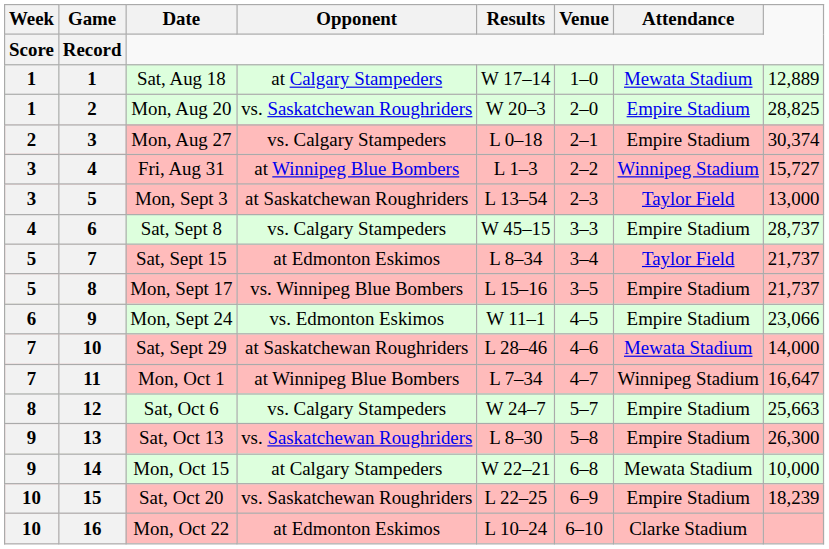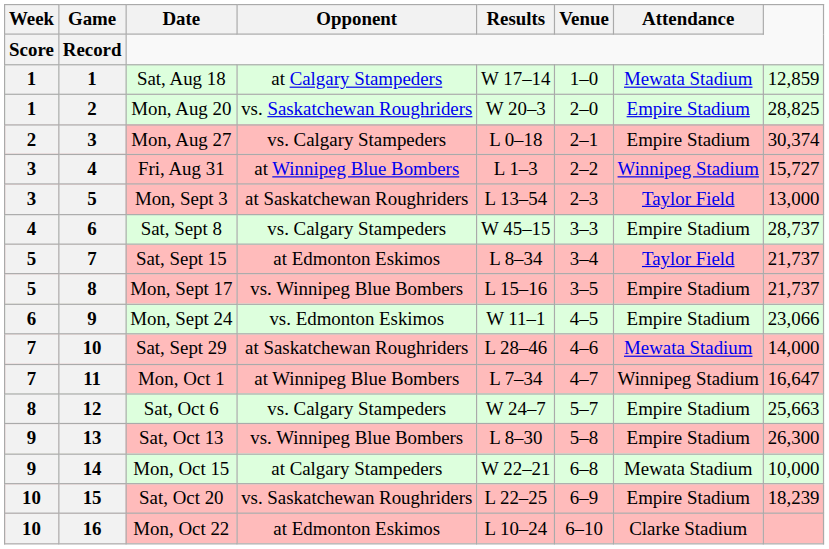 <table class="wikitable" style="text-align:center">
 <tr>
 <th>Week</th>
 <th>Game</th>
 <th>Date</th>
 <th>Opponent</th>
 <th>Results</th>
 <th>Venue</th>
 <th>Attendance</th>
 </tr>
 <tr>
 <th>Score</th>
 <th>Record</th>
 </tr>
 <tr style="background:#ddffdd">
 <th>1</th>
 <th>1</th>
 <td>Sat, Aug 18</td>
 <td>at <a href='#'>Calgary Stampeders</a></td>
 <td>W 17–14</td>
 <td>1–0</td>
 <td><a href='#'>Mewata Stadium</a></td>
-<td>12,889</td>
+<td>12,859</td>
 </tr>
 <tr style="background:#ddffdd">
 <th>1</th>
 <th>2</th>
 <td>Mon, Aug 20</td>
 <td>vs. <a href='#'>Saskatchewan Roughriders</a></td>
 <td>W 20–3</td>
 <td>2–0</td>
 <td><a href='#'>Empire Stadium</a></td>
 <td>28,825</td>
 </tr>
 <tr style="background:#ffbbbb">
 <th>2</th>
 <th>3</th>
 <td>Mon, Aug 27</td>
 <td>vs. Calgary Stampeders</td>
 <td>L 0–18</td>
 <td>2–1</td>
 <td>Empire Stadium</td>
 <td>30,374</td>
 </tr>
 <tr style="background:#ffbbbb">
 <th>3</th>
 <th>4</th>
 <td>Fri, Aug 31</td>
 <td>at <a href='#'>Winnipeg Blue Bombers</a></td>
 <td>L 1–3</td>
 <td>2–2</td>
 <td><a href='#'>Winnipeg Stadium</a></td>
 <td>15,727</td>
 </tr>
 <tr style="background:#ffbbbb">
 <th>3</th>
 <th>5</th>
 <td>Mon, Sept 3</td>
 <td>at Saskatchewan Roughriders</td>
 <td>L 13–54</td>
 <td>2–3</td>
 <td><a href='#'>Taylor Field</a></td>
 <td>13,000</td>
 </tr>
 <tr style="background:#ddffdd">
 <th>4</th>
 <th>6</th>
 <td>Sat, Sept 8</td>
 <td>vs. Calgary Stampeders</td>
 <td>W 45–15</td>
 <td>3–3</td>
 <td>Empire Stadium</td>
 <td>28,737</td>
 </tr>
 <tr style="background:#ffbbbb">
 <th>5</th>
 <th>7</th>
 <td>Sat, Sept 15</td>
 <td>at Edmonton Eskimos</td>
 <td>L 8–34</td>
 <td>3–4</td>
 <td><a href='#'>Taylor Field</a></td>
 <td>21,737</td>
 </tr>
 <tr style="background:#ffbbbb">
 <th>5</th>
 <th>8</th>
 <td>Mon, Sept 17</td>
 <td>vs. Winnipeg Blue Bombers</td>
 <td>L 15–16</td>
 <td>3–5</td>
 <td>Empire Stadium</td>
 <td>21,737</td>
 </tr>
 <tr style="background:#ddffdd">
 <th>6</th>
 <th>9</th>
 <td>Mon, Sept 24</td>
 <td>vs. Edmonton Eskimos</td>
 <td>W 11–1</td>
 <td>4–5</td>
 <td>Empire Stadium</td>
 <td>23,066</td>
 </tr>
 <tr style="background:#ffbbbb">
 <th>7</th>
 <th>10</th>
 <td>Sat, Sept 29</td>
 <td>at Saskatchewan Roughriders</td>
 <td>L 28–46</td>
 <td>4–6</td>
 <td><a href='#'>Mewata Stadium</a></td>
 <td>14,000</td>
 </tr>
 <tr style="background:#ffbbbb">
 <th>7</th>
 <th>11</th>
 <td>Mon, Oct 1</td>
 <td>at Winnipeg Blue Bombers</td>
 <td>L 7–34</td>
 <td>4–7</td>
 <td>Winnipeg Stadium</td>
 <td>16,647</td>
 </tr>
 <tr style="background:#ddffdd">
 <th>8</th>
 <th>12</th>
 <td>Sat, Oct 6</td>
 <td>vs. Calgary Stampeders</td>
 <td>W 24–7</td>
 <td>5–7</td>
 <td>Empire Stadium</td>
 <td>25,663</td>
 </tr>
 <tr style="background:#ffbbbb">
 <th>9</th>
 <th>13</th>
 <td>Sat, Oct 13</td>
-<td>vs. <a href='#'>Saskatchewan Roughriders</a></td>
+<td>vs. Winnipeg Blue Bombers</td>
 <td>L 8–30</td>
 <td>5–8</td>
 <td>Empire Stadium</td>
 <td>26,300</td>
 </tr>
 <tr style="background:#ddffdd">
 <th>9</th>
 <th>14</th>
 <td>Mon, Oct 15</td>
 <td>at Calgary Stampeders</td>
 <td>W 22–21</td>
 <td>6–8</td>
 <td>Mewata Stadium</td>
 <td>10,000</td>
 </tr>
 <tr style="background:#ffbbbb">
 <th>10</th>
 <th>15</th>
 <td>Sat, Oct 20</td>
 <td>vs. Saskatchewan Roughriders</td>
 <td>L 22–25</td>
 <td>6–9</td>
 <td>Empire Stadium</td>
 <td>18,239</td>
 </tr>
 <tr style="background:#ffbbbb">
 <th>10</th>
 <th>16</th>
 <td>Mon, Oct 22</td>
 <td>at Edmonton Eskimos</td>
 <td>L 10–24</td>
 <td>6–10</td>
 <td>Clarke Stadium</td>
 <td></td>
 </tr>
 </table>
